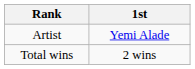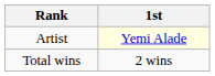 <table class="wikitable">
 <tr>
 <th style="width:100px;">Rank</th>
 <th style="width:120px;">1st</th>
 </tr>
 <tr align=center>
 <td>Artist</td>
-<td><a href='#'>Yemi Alade</a></td>
+<td style="background: lightyellow;"><a href='#'>Yemi Alade</a></td>
 </tr>
 <tr align=center>
 <td>Total wins</td>
 <td>2 wins</td>
 </tr>
 </table>
